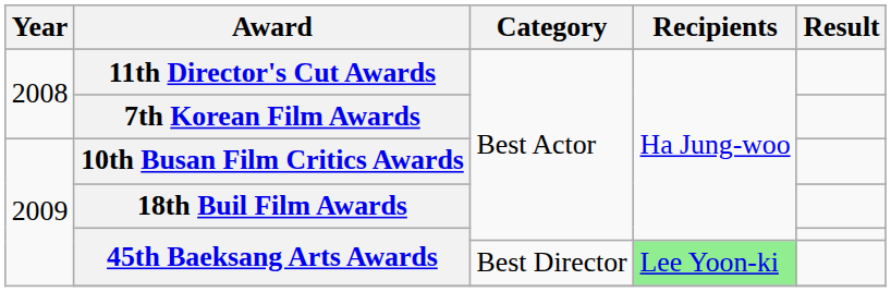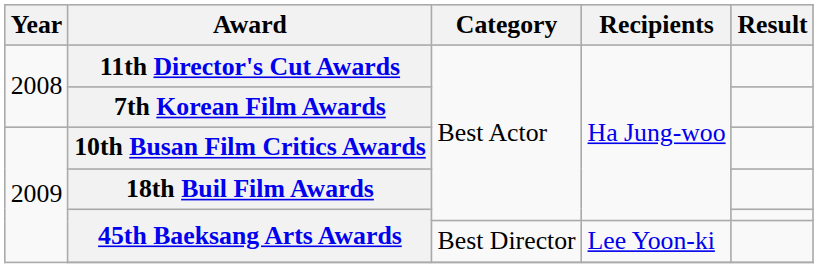 <table class="wikitable plainrowheaders sortable">
 <tr>
 <th scope="col">Year</th>
 <th scope="col">Award</th>
 <th scope="col">Category</th>
 <th scope="col">Recipients</th>
 <th scope="col">Result</th>
 </tr>
 <tr>
 <td rowspan="2">2008</td>
 <th scope="row">11th <a href='#'>Director's Cut Awards</a></th>
 <td rowspan="5">Best Actor</td>
 <td rowspan="5"><a href='#'>Ha Jung-woo</a></td>
 <td></td>
 </tr>
 <tr>
 <th scope="row">7th <a href='#'>Korean Film Awards</a></th>
 <td></td>
 </tr>
 <tr>
 <td rowspan="5">2009</td>
 <th scope="row">10th <a href='#'>Busan Film Critics Awards</a></th>
 <td></td>
 </tr>
 <tr>
 <th scope="row">18th <a href='#'>Buil Film Awards</a></th>
 <td></td>
 </tr>
 <tr>
 <th rowspan="2" scope="row"><a href='#'>45th Baeksang Arts Awards</a></th>
 <td></td>
 </tr>
 <tr>
 <td>Best Director</td>
-<td style="background: lightgreen;"><a href='#'>Lee Yoon-ki</a></td>
+<td><a href='#'>Lee Yoon-ki</a></td>
 <td></td>
 </tr>
 <tr>
 </tr>
 </table>
